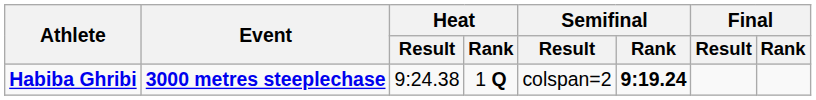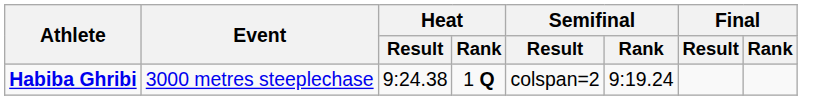 <table class="wikitable" style="font-size:90%">
 <tr>
 <th rowspan="2">Athlete</th>
 <th rowspan="2">Event</th>
 <th colspan="2">Heat</th>
 <th colspan="2">Semifinal</th>
 <th colspan="2">Final</th>
 </tr>
 <tr style="font-size:95%">
 <th>Result</th>
 <th>Rank</th>
 <th>Result</th>
 <th>Rank</th>
 <th>Result</th>
 <th>Rank</th>
 </tr>
 <tr style=text-align:center>
 <td style=text-align:left><strong><a href='#'>Habiba Ghribi</a></strong></td>
-<td style=text-align:left><strong><a href='#'>3000 metres steeplechase</a></strong></td>
+<td style=text-align:left><a href='#'>3000 metres steeplechase</a></td>
 <td>9:24.38</td>
 <td>1 <strong>Q</strong></td>
 <td>colspan=2 </td>
-<td><strong>9:19.24</strong></td>
+<td>9:19.24</td>
 <td></td>
 </tr>
 </table>
